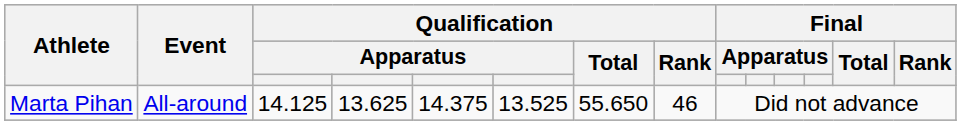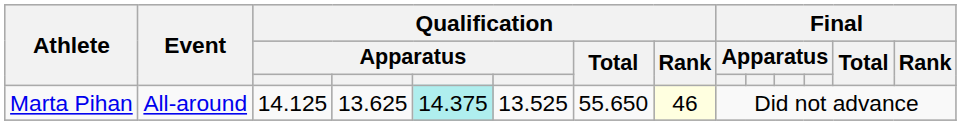 <table class="wikitable" style="font-size:90%">
 <tr>
 <th rowspan="3">Athlete</th>
 <th rowspan="3">Event</th>
 <th colspan=6>Qualification</th>
 <th colspan=6>Final</th>
 </tr>
 <tr style="font-size:95%">
 <th colspan=4>Apparatus</th>
 <th rowspan=2>Total</th>
 <th rowspan=2>Rank</th>
 <th colspan=4>Apparatus</th>
 <th rowspan=2>Total</th>
 <th rowspan=2>Rank</th>
 </tr>
 <tr style="font-size:95%">
 <th></th>
 <th></th>
 <th></th>
 <th></th>
 <th></th>
 <th></th>
 <th></th>
 <th></th>
 </tr>
 <tr align=center>
 <td align=left><a href='#'>Marta Pihan</a></td>
 <td align=left><a href='#'>All-around</a></td>
 <td>14.125</td>
 <td>13.625</td>
-<td>14.375</td>
+<td style="background: paleturquoise;">14.375</td>
 <td>13.525</td>
 <td>55.650</td>
-<td>46</td>
+<td style="background: lightyellow;">46</td>
 <td colspan=6>Did not advance</td>
 </tr>
 </table>
